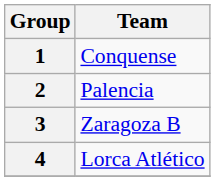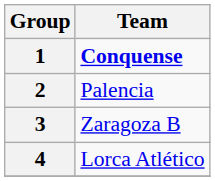 <table class="wikitable">
 <tr>
 <th>Group</th>
 <th>Team</th>
 </tr>
 <tr>
 <th>1</th>
-<td><a href='#'>Conquense</a></td>
+<td><strong><a href='#'>Conquense</a></strong></td>
 </tr>
 <tr>
 <th>2</th>
 <td><a href='#'>Palencia</a></td>
 </tr>
 <tr>
 <th>3</th>
 <td><a href='#'>Zaragoza B</a></td>
 </tr>
 <tr>
 <th>4</th>
 <td><a href='#'>Lorca Atlético</a></td>
 </tr>
 <tr>
 </tr>
 </table>
